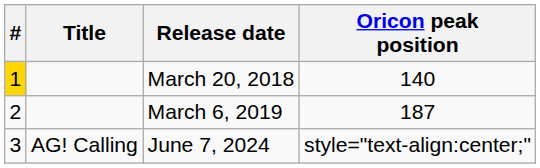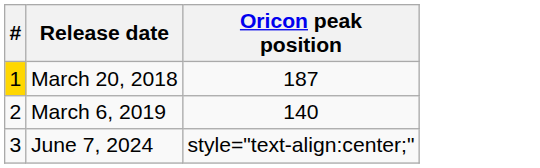 <table class="wikitable">
 <tr>
 <th>#</th>
-<th>Title</th>
 <th>Release date</th>
 <th><a href='#'>Oricon</a> peak<br>position</th>
 </tr>
 <tr>
 <td style="background: gold;">1</td>
-<td></td>
 <td>March 20, 2018</td>
+<td style="text-align:center;">187</td>
+</tr>
+<tr>
+<td>2</td>
+<td>March 6, 2019</td>
 <td style="text-align:center;">140</td>
 </tr>
 <tr>
-<td>2</td>
-<td></td>
-<td>March 6, 2019</td>
-<td style="text-align:center;">187</td>
-</tr>
-<tr>
 <td>3</td>
-<td>AG! Calling</td>
 <td>June 7, 2024</td>
 <td>style="text-align:center;" </td>
 </tr>
 </table>
